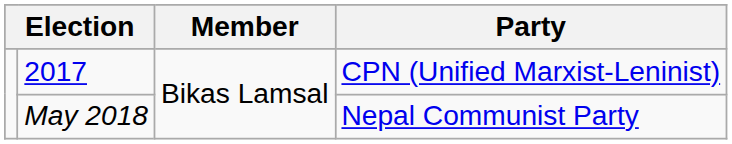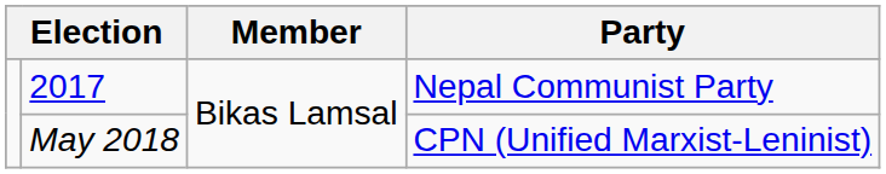 <table class="wikitable">
 <tr>
 <th colspan="2">Election</th>
 <th>Member</th>
 <th>Party</th>
 </tr>
 <tr>
 <td rowspan="2" style="background-color:"></td>
 <td><a href='#'>2017</a></td>
 <td rowspan="2">Bikas Lamsal</td>
-<td><a href='#'>CPN (Unified Marxist-Leninist)</a></td>
+<td><a href='#'>Nepal Communist Party</a></td>
 </tr>
 <tr>
 <td><em>May 2018</em></td>
-<td><a href='#'>Nepal Communist Party</a></td>
+<td><a href='#'>CPN (Unified Marxist-Leninist)</a></td>
 </tr>
 </table>
